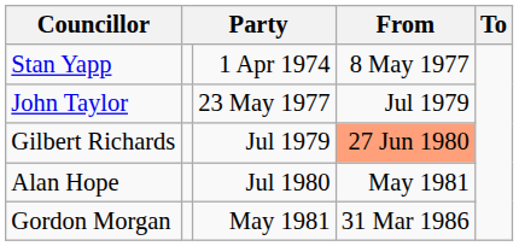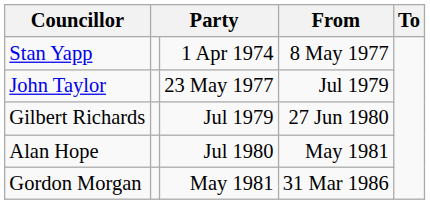 <table class=wikitable>
 <tr>
 <th>Councillor</th>
 <th colspan=2>Party</th>
 <th>From</th>
 <th>To</th>
 </tr>
 <tr>
 <td><a href='#'>Stan Yapp</a></td>
 <td></td>
 <td align=right>1 Apr 1974</td>
 <td align=right>8 May 1977</td>
 </tr>
 <tr>
 <td><a href='#'>John Taylor</a></td>
 <td></td>
 <td align=right>23 May 1977</td>
 <td align=right>Jul 1979</td>
 </tr>
 <tr>
 <td>Gilbert Richards</td>
 <td></td>
 <td align=right>Jul 1979</td>
-<td align=right style="background: lightsalmon;">27 Jun 1980</td>
+<td align=right>27 Jun 1980</td>
 </tr>
 <tr>
 <td>Alan Hope</td>
 <td></td>
 <td align=right>Jul 1980</td>
 <td align=right>May 1981</td>
 </tr>
 <tr>
 <td>Gordon Morgan</td>
 <td></td>
 <td align=right>May 1981</td>
 <td align=right>31 Mar 1986</td>
 </tr>
 </table>
